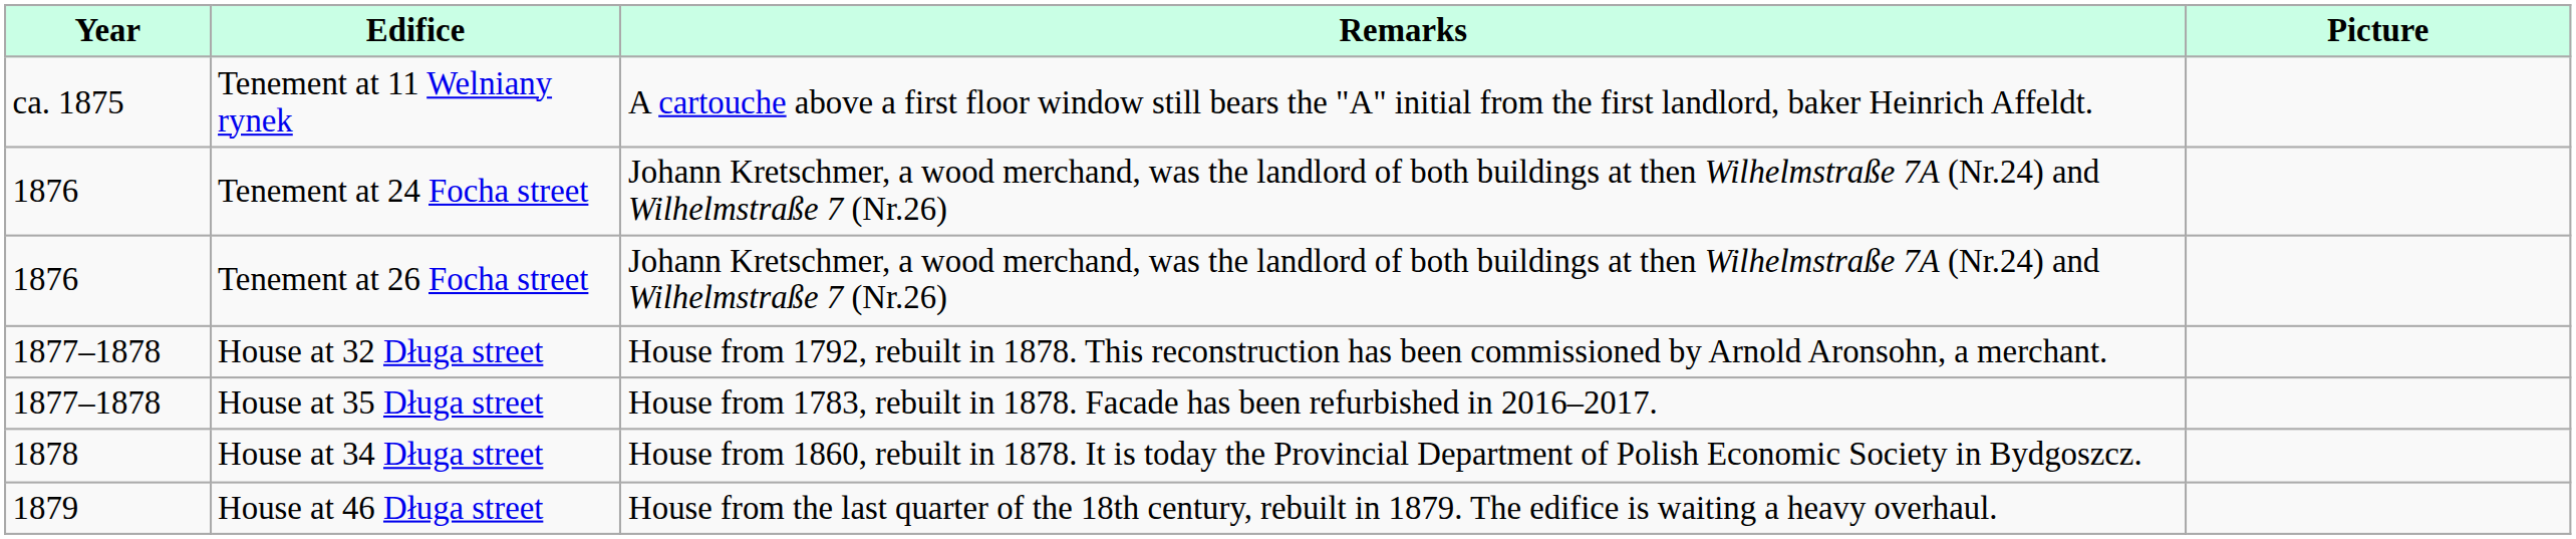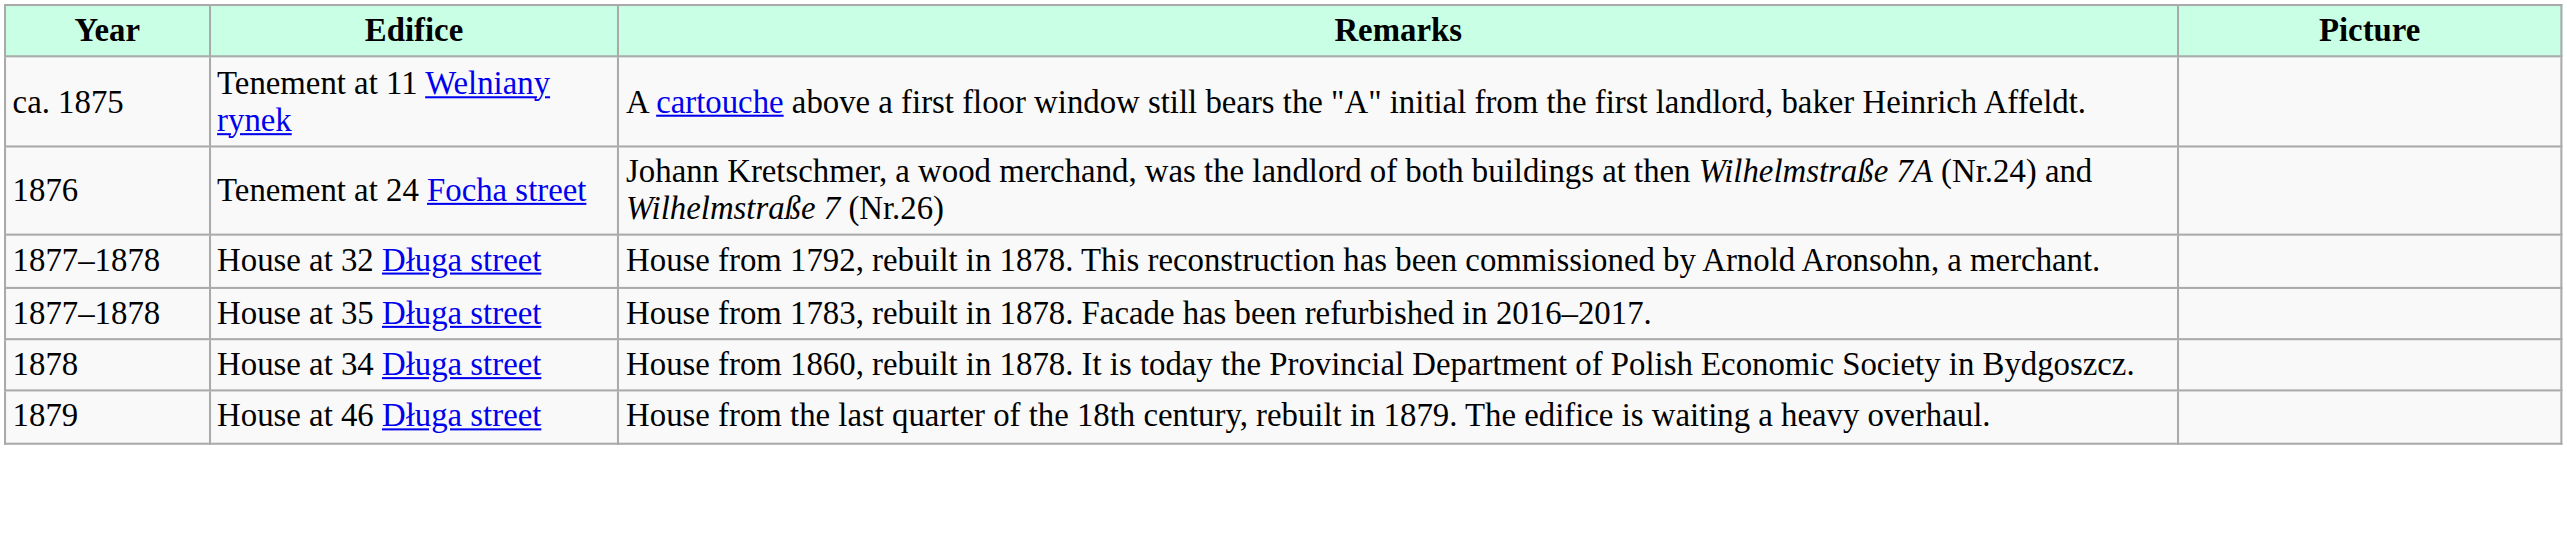 <table class="wikitable" style="flex:30em">
 <tr align="center" bgcolor="#C9FFE5">
 <td width=8%><strong>Year</strong></td>
 <td width=16%><strong>Edifice</strong></td>
 <td width=61%><strong>Remarks</strong></td>
 <td width=15%><strong>Picture</strong></td>
 </tr>
 <tr ----bgcolor="#EFEFEF">
 <td>ca. 1875</td>
 <td>Tenement at 11 <a href='#'>Welniany rynek</a></td>
 <td>A <a href='#'>cartouche</a> above a first floor window still bears the "A" initial from the first landlord, baker Heinrich Affeldt.</td>
 <td></td>
 </tr>
 <tr ---->
 <td>1876</td>
 <td>Tenement at 24 <a href='#'>Focha street</a></td>
-<td>Johann Kretschmer, a wood merchand, was the landlord of both buildings at then <em>Wilhelmstraße 7A</em> (Nr.24) and <em>Wilhelmstraße 7</em> (Nr.26)</td>
-<td></td>
-</tr>
-<tr ----bgcolor="#EFEFEF">
-<td>1876</td>
-<td>Tenement at 26 <a href='#'>Focha street</a></td>
 <td>Johann Kretschmer, a wood merchand, was the landlord of both buildings at then <em>Wilhelmstraße 7A</em> (Nr.24) and <em>Wilhelmstraße 7</em> (Nr.26)</td>
 <td></td>
 </tr>
 <tr ---->
 <td>1877–1878</td>
 <td>House at 32 <a href='#'>Długa street</a></td>
 <td>House from 1792, rebuilt in 1878. This reconstruction has been commissioned by Arnold Aronsohn, a merchant.</td>
 <td></td>
 </tr>
 <tr ----bgcolor="#EFEFEF">
 <td>1877–1878</td>
 <td>House at 35 <a href='#'>Długa street</a></td>
 <td>House from 1783, rebuilt in 1878. Facade has been refurbished in 2016–2017.</td>
 <td></td>
 </tr>
 <tr ---->
 <td>1878</td>
 <td>House at 34 <a href='#'>Długa street</a></td>
 <td>House from 1860, rebuilt in 1878. It is today the Provincial Department of Polish Economic Society in Bydgoszcz.</td>
 <td></td>
 </tr>
 <tr ----bgcolor="#EFEFEF">
 <td>1879</td>
 <td>House at 46 <a href='#'>Długa street</a></td>
 <td>House from the last quarter of the 18th century, rebuilt in 1879. The edifice is waiting a heavy overhaul.</td>
 <td></td>
 </tr>
 </table>
